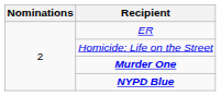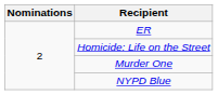 <table class="wikitable sortable" rowspan="2" style="text-align:center;" background: #f6e39c;>
 <tr>
 <th scope="col" style="width:55px;">Nominations</th>
 <th scope="col" style="text-align:center;">Recipient</th>
 </tr>
 <tr>
 <td rowspan="4" style="text-align:center">2</td>
 <td><em><a href='#'>ER</a></em></td>
 </tr>
 <tr>
 <td><em><a href='#'>Homicide: Life on the Street</a></em></td>
 </tr>
 <tr>
-<td><strong><em><a href='#'>Murder One</a></em></strong></td>
+<td><em><a href='#'>Murder One</a></em></td>
 </tr>
 <tr>
-<td><strong><em><a href='#'>NYPD Blue</a></em></strong></td>
+<td><em><a href='#'>NYPD Blue</a></em></td>
 </tr>
 </table>
